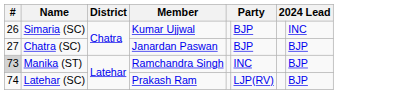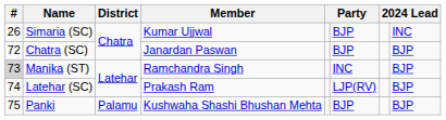 <table class="wikitable">
 <tr>
 <th>#</th>
 <th>Name</th>
 <th>District</th>
 <th>Member</th>
 <th colspan="2">Party</th>
 <th colspan="2">2024 Lead</th>
 </tr>
 <tr>
 <td>26</td>
 <td><a href='#'>Simaria</a> (SC)</td>
 <td rowspan="2"><a href='#'>Chatra</a></td>
 <td><a href='#'>Kumar Ujjwal</a></td>
 <td style="background-color: "></td>
 <td><a href='#'>BJP</a></td>
 <td style="background-color: "></td>
 <td><a href='#'>INC</a></td>
 </tr>
 <tr>
-<td>27</td>
+<td>72</td>
 <td><a href='#'>Chatra</a> (SC)</td>
 <td><a href='#'>Janardan Paswan</a></td>
 <td style="background-color: "></td>
 <td><a href='#'>BJP</a></td>
 <td style="background-color: "></td>
 <td><a href='#'>BJP</a></td>
 </tr>
 <tr>
 <td style="background: lightgrey;">73</td>
 <td><a href='#'>Manika</a> (ST)</td>
 <td rowspan="2"><a href='#'>Latehar</a></td>
 <td><a href='#'>Ramchandra Singh</a></td>
 <td style="background-color: "></td>
 <td><a href='#'>INC</a></td>
 <td style="background-color: "></td>
 <td><a href='#'>BJP</a></td>
 </tr>
 <tr>
 <td>74</td>
 <td><a href='#'>Latehar</a> (SC)</td>
 <td><a href='#'>Prakash Ram</a></td>
 <td style="background-color: "></td>
 <td><a href='#'>LJP(RV)</a></td>
 <td style="background-color: "></td>
 <td><a href='#'>BJP</a></td>
 </tr>
+<tr>
+<td>75</td>
+<td><a href='#'>Panki</a></td>
+<td><a href='#'>Palamu</a></td>
+<td><a href='#'>Kushwaha Shashi Bhushan Mehta</a></td>
+<td style="background-color: "></td>
+<td><a href='#'>BJP</a></td>
+<td style="background-color: "></td>
+<td><a href='#'>BJP</a></td>
+</tr>
 </table>
